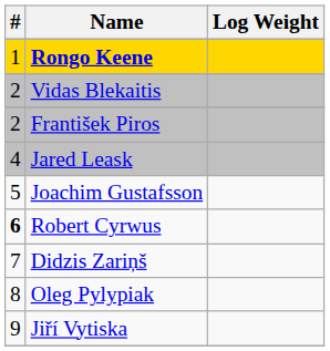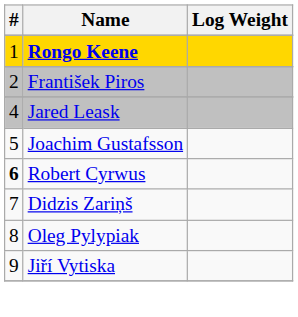 <table class="wikitable" style="display: inline-table">
 <tr>
 <th>#</th>
 <th>Name</th>
 <th>Log Weight</th>
 </tr>
 <tr>
 </tr>
 <tr style="background:gold;">
 <td>1</td>
 <td> <strong><a href='#'>Rongo Keene</a></strong></td>
 <td></td>
 </tr>
 <tr>
-</tr>
-<tr style="background:silver;">
-<td>2</td>
-<td> <a href='#'>Vidas Blekaitis</a></td>
-<td></td>
 </tr>
 <tr>
 </tr>
 <tr style="background:silver;">
 <td>2</td>
 <td> <a href='#'>František Piros</a></td>
 <td></td>
 </tr>
 <tr>
 </tr>
 <tr style="background:silver;">
 <td>4</td>
 <td> <a href='#'>Jared Leask</a></td>
 <td></td>
 </tr>
 <tr>
 <td>5</td>
 <td> <a href='#'>Joachim Gustafsson</a></td>
 <td></td>
 </tr>
 <tr>
 <td><strong>6</strong></td>
 <td> <a href='#'>Robert Cyrwus</a></td>
 <td></td>
 </tr>
 <tr>
 <td>7</td>
 <td> <a href='#'>Didzis Zariņš</a></td>
 <td></td>
 </tr>
 <tr>
 <td>8</td>
 <td> <a href='#'>Oleg Pylypiak</a></td>
 <td></td>
 </tr>
 <tr>
 <td>9</td>
 <td> <a href='#'>Jiří Vytiska</a></td>
 <td></td>
 </tr>
 <tr>
 </tr>
 </table>
